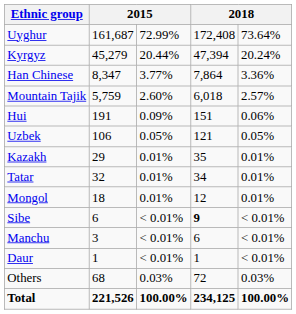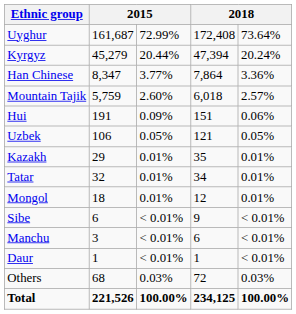 <table class="wikitable">
 <tr>
 <th><a href='#'>Ethnic group</a></th>
 <th colspan="2">2015</th>
 <th colspan="2">2018</th>
 </tr>
 <tr>
 <td><a href='#'>Uyghur</a></td>
 <td>161,687</td>
 <td>72.99%</td>
 <td>172,408</td>
 <td>73.64%</td>
 </tr>
 <tr>
 <td><a href='#'>Kyrgyz</a></td>
 <td>45,279</td>
 <td>20.44%</td>
 <td>47,394</td>
 <td>20.24%</td>
 </tr>
 <tr>
 <td><a href='#'>Han Chinese</a></td>
 <td>8,347</td>
 <td>3.77%</td>
 <td>7,864</td>
 <td>3.36%</td>
 </tr>
 <tr>
 <td><a href='#'>Mountain Tajik</a></td>
 <td>5,759</td>
 <td>2.60%</td>
 <td>6,018</td>
 <td>2.57%</td>
 </tr>
 <tr>
 <td><a href='#'>Hui</a></td>
 <td>191</td>
 <td>0.09%</td>
 <td>151</td>
 <td>0.06%</td>
 </tr>
 <tr>
 <td><a href='#'>Uzbek</a></td>
 <td>106</td>
 <td>0.05%</td>
 <td>121</td>
 <td>0.05%</td>
 </tr>
 <tr>
 <td><a href='#'>Kazakh</a></td>
 <td>29</td>
 <td>0.01%</td>
 <td>35</td>
 <td>0.01%</td>
 </tr>
 <tr>
 <td><a href='#'>Tatar</a></td>
 <td>32</td>
 <td>0.01%</td>
 <td>34</td>
 <td>0.01%</td>
 </tr>
 <tr>
 <td><a href='#'>Mongol</a></td>
 <td>18</td>
 <td>0.01%</td>
 <td>12</td>
 <td>0.01%</td>
 </tr>
 <tr>
 <td><a href='#'>Sibe</a></td>
 <td>6</td>
 <td>< 0.01%</td>
-<td><strong>9</strong></td>
+<td>9</td>
 <td>< 0.01%</td>
 </tr>
 <tr>
 <td><a href='#'>Manchu</a></td>
 <td>3</td>
 <td>< 0.01%</td>
 <td>6</td>
 <td>< 0.01%</td>
 </tr>
 <tr>
 <td><a href='#'>Daur</a></td>
 <td>1</td>
 <td>< 0.01%</td>
 <td>1</td>
 <td>< 0.01%</td>
 </tr>
 <tr>
 <td>Others</td>
 <td>68</td>
 <td>0.03%</td>
 <td>72</td>
 <td>0.03%</td>
 </tr>
 <tr>
 <td><strong>Total</strong></td>
 <td><strong>221,526</strong></td>
 <td><strong>100.00%</strong></td>
 <td><strong>234,125</strong></td>
 <td><strong>100.00%</strong></td>
 </tr>
 </table>
